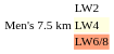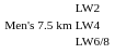 <table>
 <tr>
 <td rowspan="3">Men's 7.5 km</td>
 <td>LW2<br></td>
 <td></td>
 <td></td>
 <td></td>
 </tr>
 <tr>
-<td style="background: lightyellow;">LW4<br></td>
+<td>LW4<br></td>
 <td></td>
 <td></td>
 <td></td>
 </tr>
 <tr>
-<td style="background: lightsalmon;">LW6/8<br></td>
+<td>LW6/8<br></td>
 <td></td>
 <td></td>
 <td></td>
 </tr>
 </table>
